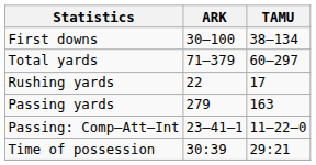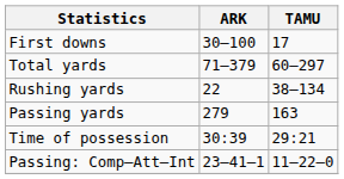 <table class="wikitable" style="float: left;">
 <tr>
 <th>Statistics</th>
 <th>ARK</th>
 <th>TAMU</th>
 </tr>
 <tr>
 <td>First downs</td>
 <td>30–100</td>
-<td>38–134</td>
+<td>17</td>
 </tr>
 <tr>
 <td>Total yards</td>
 <td>71–379</td>
 <td>60–297</td>
 </tr>
 <tr>
 <td>Rushing yards</td>
 <td>22</td>
-<td>17</td>
+<td>38–134</td>
 </tr>
 <tr>
 <td>Passing yards</td>
 <td>279</td>
 <td>163</td>
 </tr>
 <tr>
+<td>Time of possession</td>
+<td>30:39</td>
+<td>29:21</td>
+</tr>
+<tr>
 <td>Passing: Comp–Att–Int</td>
 <td>23–41–1</td>
 <td>11–22–0</td>
 </tr>
 <tr>
-<td>Time of possession</td>
-<td>30:39</td>
-<td>29:21</td>
-</tr>
-<tr>
 </tr>
 </table>
